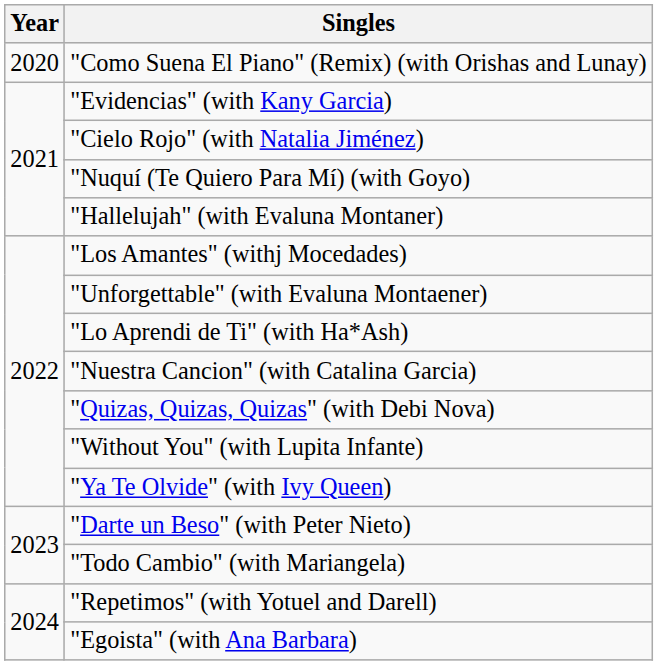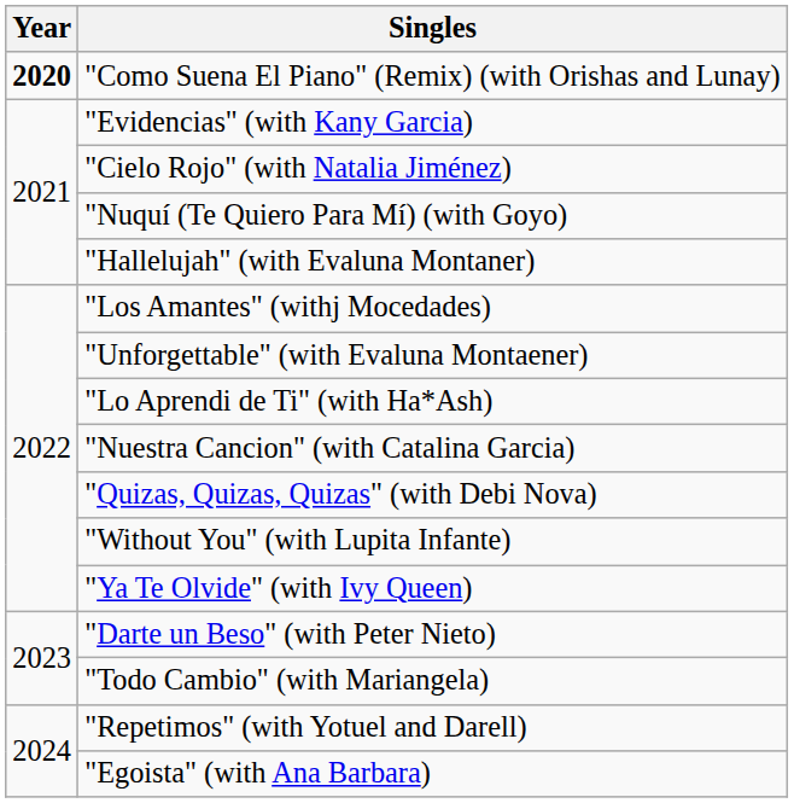 <table class="wikitable">
 <tr>
 <th>Year</th>
 <th>Singles</th>
 </tr>
 <tr>
-<td>2020</td>
+<td><strong>2020</strong></td>
 <td>"Como Suena El Piano" (Remix) (with Orishas and Lunay)</td>
 </tr>
 <tr>
 <td rowspan="4">2021</td>
 <td>"Evidencias" (with <a href='#'>Kany Garcia</a>)</td>
 </tr>
 <tr>
 <td>"Cielo Rojo" (with <a href='#'>Natalia Jiménez</a>)</td>
 </tr>
 <tr>
 <td>"Nuquí (Te Quiero Para Mí) (with Goyo)</td>
 </tr>
 <tr>
 <td>"Hallelujah" (with Evaluna Montaner)</td>
 </tr>
 <tr>
 <td rowspan="7">2022</td>
 <td>"Los Amantes" (withj Mocedades)</td>
 </tr>
 <tr>
 <td>"Unforgettable" (with Evaluna Montaener)</td>
 </tr>
 <tr>
 <td>"Lo Aprendi de Ti" (with Ha*Ash)</td>
 </tr>
 <tr>
 <td>"Nuestra Cancion" (with Catalina Garcia)</td>
 </tr>
 <tr>
 <td>"<a href='#'>Quizas, Quizas, Quizas</a>" (with Debi Nova)</td>
 </tr>
 <tr>
 <td>"Without You" (with Lupita Infante)</td>
 </tr>
 <tr>
 <td>"<a href='#'>Ya Te Olvide</a>" (with <a href='#'>Ivy Queen</a>)</td>
 </tr>
 <tr>
 <td rowspan="2">2023</td>
 <td>"<a href='#'>Darte un Beso</a>" (with Peter Nieto)</td>
 </tr>
 <tr>
 <td>"Todo Cambio" (with Mariangela)</td>
 </tr>
 <tr>
 <td rowspan="2">2024</td>
 <td>"Repetimos" (with Yotuel and Darell)</td>
 </tr>
 <tr>
 <td>"Egoista" (with <a href='#'>Ana Barbara</a>)</td>
 </tr>
 </table>
